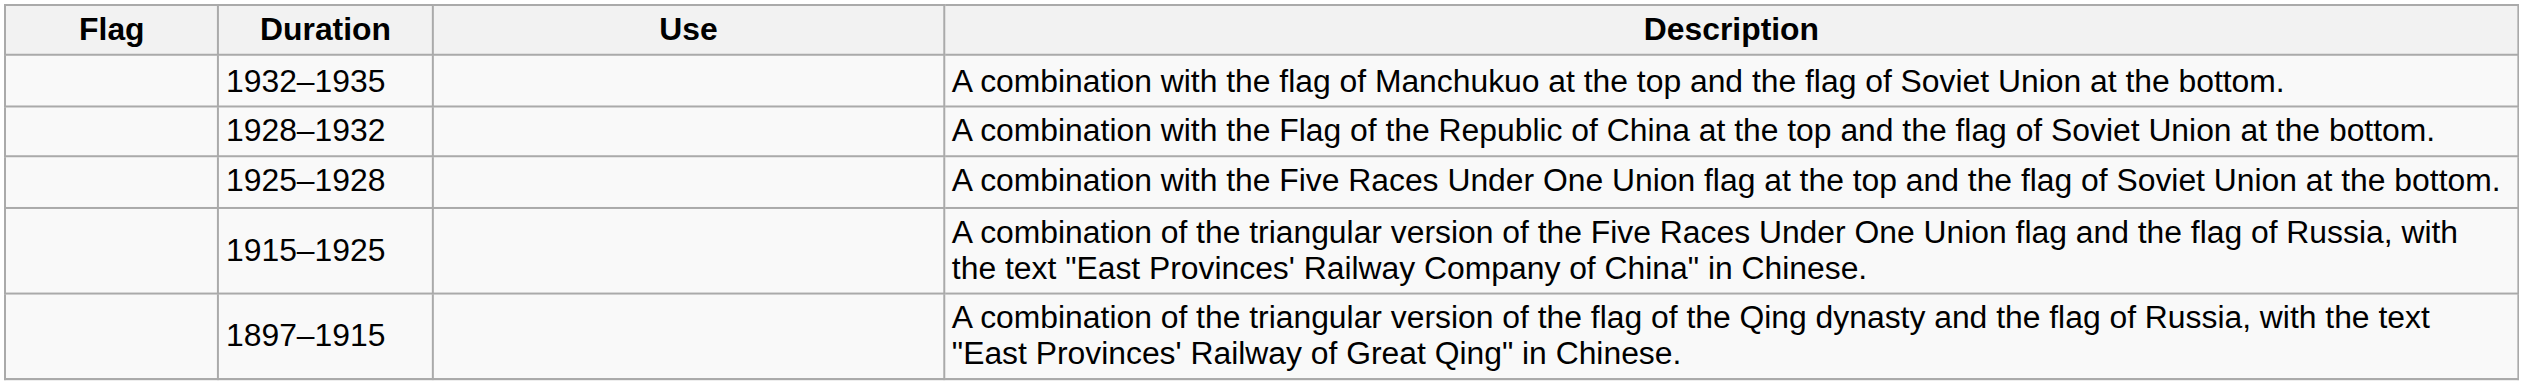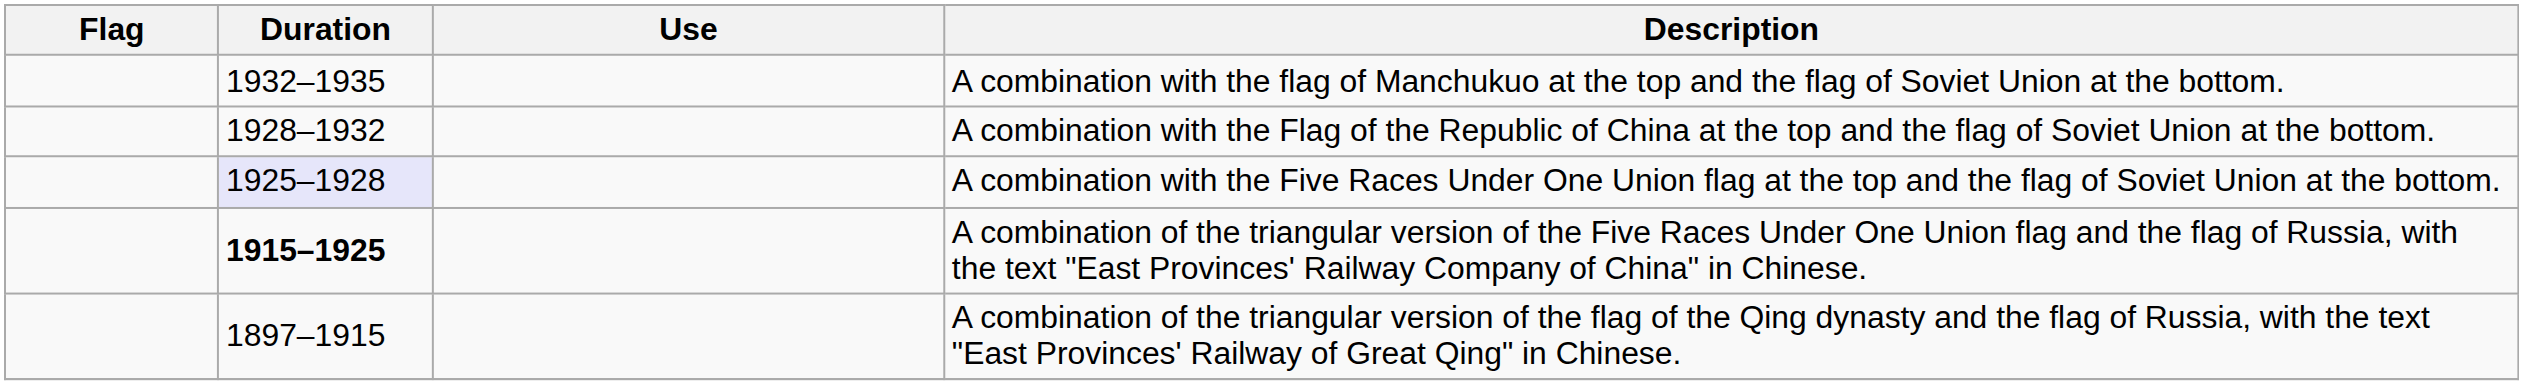 <table class="wikitable" width="100%">
 <tr>
 <th style="width:100px;">Flag</th>
 <th style="width:100px;">Duration</th>
 <th style="width:250px;">Use</th>
 <th style="min-width:250px">Description</th>
 </tr>
 <tr>
 <td></td>
 <td>1932–1935</td>
 <td></td>
 <td>A combination with the flag of Manchukuo at the top and the flag of Soviet Union at the bottom.</td>
 </tr>
 <tr>
 <td></td>
 <td>1928–1932</td>
 <td></td>
 <td>A combination with the Flag of the Republic of China at the top and the flag of Soviet Union at the bottom.</td>
 </tr>
 <tr>
 <td></td>
-<td>1925–1928</td>
+<td style="background: lavender;">1925–1928</td>
 <td></td>
 <td>A combination with the Five Races Under One Union flag at the top and the flag of Soviet Union at the bottom.</td>
 </tr>
 <tr>
 <td></td>
-<td>1915–1925</td>
+<td><strong>1915–1925</strong></td>
 <td></td>
 <td>A combination of the triangular version of the Five Races Under One Union flag and the flag of Russia, with the text "East Provinces' Railway Company of China" in Chinese.</td>
 </tr>
 <tr>
 <td></td>
 <td>1897–1915</td>
 <td></td>
 <td>A combination of the triangular version of the flag of the Qing dynasty and the flag of Russia, with the text "East Provinces' Railway of Great Qing" in Chinese.</td>
 </tr>
 <tr>
 </tr>
 </table>
